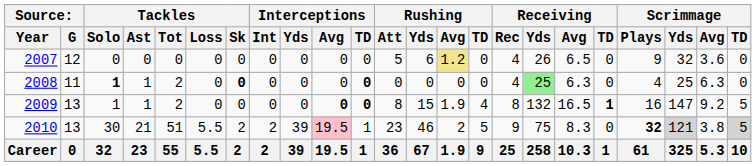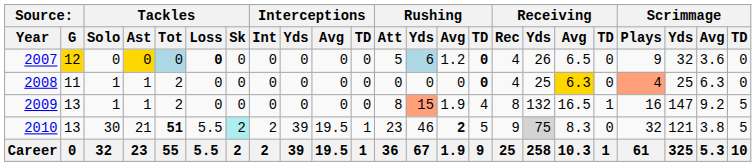 <table class="wikitable" style="text-align: right">
 <tr>
 <th colspan=2>Source:</th>
 <th colspan="5">Tackles</th>
 <th colspan=4>Interceptions</th>
 <th colspan=4>Rushing</th>
 <th colspan=4>Receiving</th>
 <th colspan=4>Scrimmage</th>
 </tr>
 <tr>
 <th>Year</th>
 <th>G</th>
 <th>Solo</th>
 <th>Ast</th>
 <th>Tot</th>
 <th>Loss</th>
 <th>Sk</th>
 <th>Int</th>
 <th>Yds</th>
 <th>Avg</th>
 <th>TD</th>
 <th>Att</th>
 <th>Yds</th>
 <th>Avg</th>
 <th>TD</th>
 <th>Rec</th>
 <th>Yds</th>
 <th>Avg</th>
 <th>TD</th>
 <th>Plays</th>
 <th>Yds</th>
 <th>Avg</th>
 <th>TD</th>
 </tr>
 <tr>
 <td><a href='#'>2007</a></td>
-<td>12</td>
+<td style="background: gold;">12</td>
 <td>0</td>
-<td>0</td>
-<td>0</td>
-<td>0</td>
+<td style="background: gold;">0</td>
+<td style="background: lightblue;">0</td>
+<td><strong>0</strong></td>
 <td>0</td>
 <td>0</td>
 <td>0</td>
 <td>0</td>
 <td>0</td>
 <td>5</td>
-<td>6</td>
-<td style="background: khaki;">1.2</td>
-<td>0</td>
+<td style="background: lightblue;">6</td>
+<td>1.2</td>
+<td><strong>0</strong></td>
 <td>4</td>
 <td>26</td>
 <td>6.5</td>
 <td>0</td>
 <td>9</td>
 <td>32</td>
 <td>3.6</td>
 <td>0</td>
 </tr>
 <tr>
 <td><a href='#'>2008</a></td>
 <td>11</td>
-<td><strong>1</strong></td>
+<td>1</td>
 <td>1</td>
 <td>2</td>
 <td>0</td>
-<td><strong>0</strong></td>
+<td>0</td>
+<td>0</td>
+<td>0</td>
+<td>0</td>
+<td>0</td>
 <td>0</td>
 <td>0</td>
 <td>0</td>
 <td><strong>0</strong></td>
+<td>4</td>
+<td>25</td>
+<td style="background: gold;">6.3</td>
 <td>0</td>
-<td>0</td>
-<td>0</td>
-<td>0</td>
-<td>4</td>
-<td style="background: lightgreen;">25</td>
-<td>6.3</td>
-<td>0</td>
-<td>4</td>
+<td style="background: lightsalmon;">4</td>
 <td>25</td>
 <td>6.3</td>
 <td>0</td>
 </tr>
 <tr>
 <td><a href='#'>2009</a></td>
 <td>13</td>
 <td>1</td>
 <td>1</td>
 <td>2</td>
 <td>0</td>
 <td>0</td>
 <td>0</td>
 <td>0</td>
-<td><strong>0</strong></td>
-<td><strong>0</strong></td>
+<td>0</td>
+<td>0</td>
 <td>8</td>
-<td>15</td>
+<td style="background: lightsalmon;">15</td>
 <td>1.9</td>
 <td>4</td>
 <td>8</td>
 <td>132</td>
 <td>16.5</td>
-<td><strong>1</strong></td>
+<td>1</td>
 <td>16</td>
 <td>147</td>
 <td>9.2</td>
 <td>5</td>
 </tr>
 <tr>
 <td><a href='#'>2010</a></td>
 <td>13</td>
 <td>30</td>
 <td>21</td>
-<td>51</td>
+<td><strong>51</strong></td>
 <td>5.5</td>
-<td>2</td>
+<td style="background: paleturquoise;">2</td>
 <td>2</td>
 <td>39</td>
-<td style="background: pink;">19.5</td>
+<td>19.5</td>
 <td>1</td>
 <td>23</td>
 <td>46</td>
-<td>2</td>
+<td><strong>2</strong></td>
 <td>5</td>
 <td>9</td>
-<td>75</td>
+<td style="background: lightgrey;">75</td>
 <td>8.3</td>
 <td>0</td>
-<td><strong>32</strong></td>
-<td style="background: lightgrey;">121</td>
+<td>32</td>
+<td>121</td>
 <td>3.8</td>
-<td style="background: lightgrey;">5</td>
+<td>5</td>
 </tr>
 <tr>
 <th>Career</th>
 <th>0</th>
 <th>32</th>
 <th>23</th>
 <th>55</th>
 <th>5.5</th>
 <th>2</th>
 <th>2</th>
 <th>39</th>
 <th>19.5</th>
 <th>1</th>
 <th>36</th>
 <th>67</th>
 <th>1.9</th>
 <th>9</th>
 <th>25</th>
 <th>258</th>
 <th>10.3</th>
 <th>1</th>
 <th>61</th>
 <th>325</th>
 <th>5.3</th>
 <th>10</th>
 </tr>
 </table>
